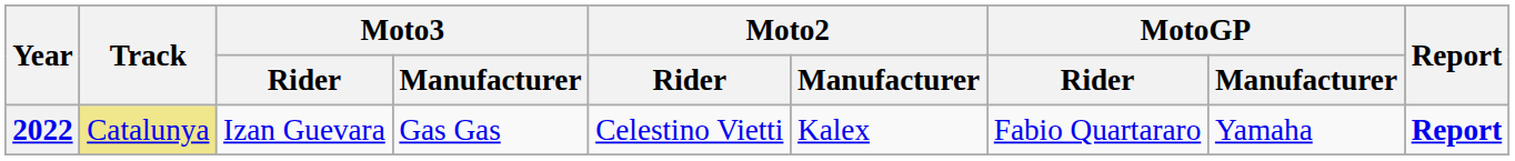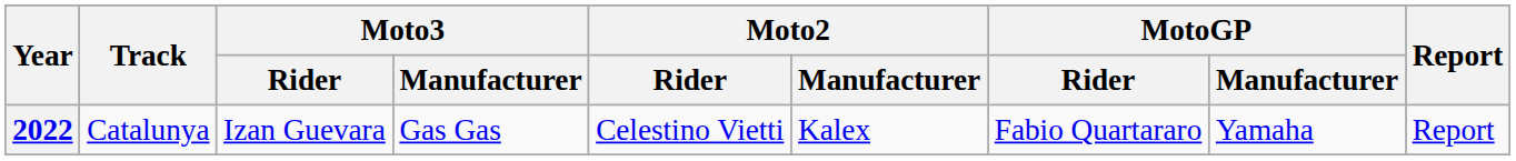 <table class="wikitable" style="font-size: 95%;">
 <tr>
 <th rowspan=2>Year</th>
 <th rowspan=2>Track</th>
 <th colspan=2>Moto3</th>
 <th colspan=2>Moto2</th>
 <th colspan=2>MotoGP</th>
 <th rowspan=2>Report</th>
 </tr>
 <tr>
 <th>Rider</th>
 <th>Manufacturer</th>
 <th>Rider</th>
 <th>Manufacturer</th>
 <th>Rider</th>
 <th>Manufacturer</th>
 </tr>
 <tr>
 <th><a href='#'>2022</a></th>
-<td style="background: khaki;"><a href='#'>Catalunya</a></td>
+<td><a href='#'>Catalunya</a></td>
 <td> <a href='#'>Izan Guevara</a></td>
 <td><a href='#'>Gas Gas</a></td>
 <td> <a href='#'>Celestino Vietti</a></td>
 <td><a href='#'>Kalex</a></td>
 <td> <a href='#'>Fabio Quartararo</a></td>
 <td><a href='#'>Yamaha</a></td>
-<td><strong><a href='#'>Report</a></strong></td>
+<td><a href='#'>Report</a></td>
 </tr>
 </table>
